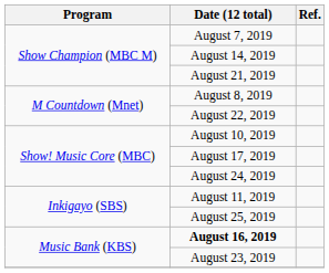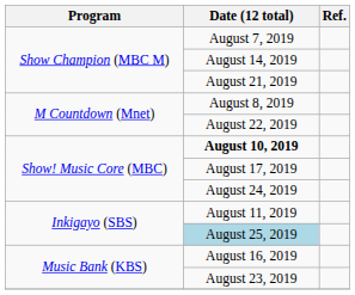 <table class="wikitable" style="text-align:center;">
 <tr>
 <th style="width:200px;">Program</th>
 <th style="width:150px;">Date (12 total)</th>
 <th>Ref.</th>
 </tr>
 <tr>
 <td rowspan="3"><em><a href='#'>Show Champion</a></em> (<a href='#'>MBC M</a>)</td>
 <td>August 7, 2019</td>
 <td></td>
 </tr>
 <tr>
 <td>August 14, 2019</td>
 <td></td>
 </tr>
 <tr>
 <td>August 21, 2019</td>
 <td></td>
 </tr>
 <tr>
 <td rowspan="2"><em><a href='#'>M Countdown</a></em> (<a href='#'>Mnet</a>)</td>
 <td>August 8, 2019</td>
 <td></td>
 </tr>
 <tr>
 <td>August 22, 2019</td>
 <td></td>
 </tr>
 <tr>
 <td rowspan="3"><em><a href='#'>Show! Music Core</a></em> (<a href='#'>MBC</a>)</td>
-<td>August 10, 2019</td>
+<td><strong>August 10, 2019</strong></td>
 <td></td>
 </tr>
 <tr>
 <td>August 17, 2019</td>
 <td></td>
 </tr>
 <tr>
 <td>August 24, 2019</td>
 <td></td>
 </tr>
 <tr>
 <td rowspan="2"><em><a href='#'>Inkigayo</a></em> (<a href='#'>SBS</a>)</td>
 <td>August 11, 2019</td>
 <td></td>
 </tr>
 <tr>
-<td>August 25, 2019</td>
+<td style="background: lightblue;">August 25, 2019</td>
 <td></td>
 </tr>
 <tr>
 <td rowspan="2"><em><a href='#'>Music Bank</a></em> (<a href='#'>KBS</a>)</td>
-<td><strong>August 16, 2019</strong></td>
+<td>August 16, 2019</td>
 <td></td>
 </tr>
 <tr>
 <td>August 23, 2019</td>
 <td></td>
 </tr>
 <tr>
 </tr>
 </table>
